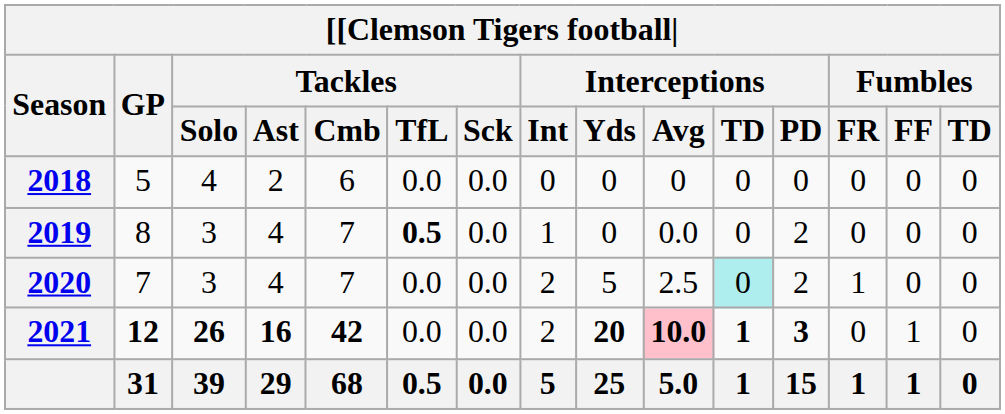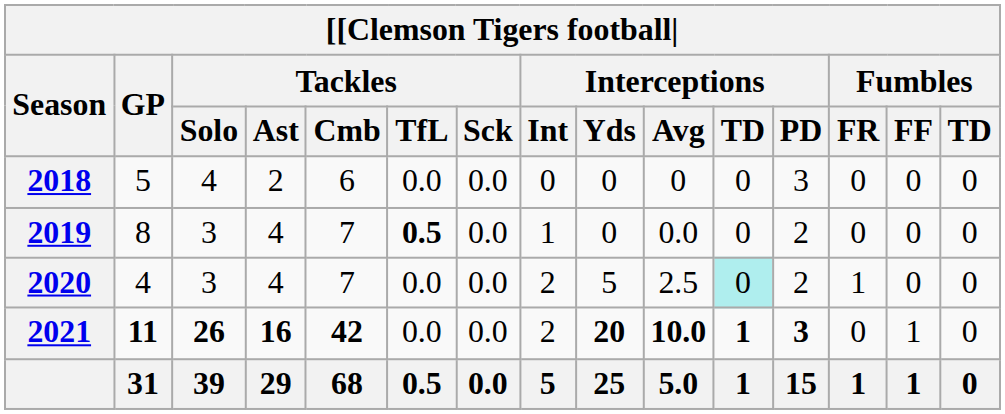 <table class="wikitable" style="text-align:center;">
 <tr>
 <th colspan="15">[[Clemson Tigers football|</th>
 </tr>
 <tr>
 <th rowspan="2">Season</th>
 <th rowspan="2">GP</th>
 <th colspan="5">Tackles</th>
 <th colspan="5">Interceptions</th>
 <th colspan="3">Fumbles</th>
 </tr>
 <tr>
 <th>Solo</th>
 <th>Ast</th>
 <th>Cmb</th>
 <th>TfL</th>
 <th>Sck</th>
 <th>Int</th>
 <th>Yds</th>
 <th>Avg</th>
 <th>TD</th>
 <th>PD</th>
 <th>FR</th>
 <th>FF</th>
 <th>TD</th>
 </tr>
 <tr>
 <th><a href='#'>2018</a></th>
 <td>5</td>
 <td>4</td>
 <td>2</td>
 <td>6</td>
 <td>0.0</td>
 <td>0.0</td>
 <td>0</td>
 <td>0</td>
 <td>0</td>
 <td>0</td>
-<td>0</td>
+<td>3</td>
 <td>0</td>
 <td>0</td>
 <td>0</td>
 </tr>
 <tr>
 <th><a href='#'>2019</a></th>
 <td>8</td>
 <td>3</td>
 <td>4</td>
 <td>7</td>
 <td><strong>0.5</strong></td>
 <td>0.0</td>
 <td>1</td>
 <td>0</td>
 <td>0.0</td>
 <td>0</td>
 <td>2</td>
 <td>0</td>
 <td>0</td>
 <td>0</td>
 </tr>
 <tr>
 <th><a href='#'>2020</a></th>
-<td>7</td>
+<td>4</td>
 <td>3</td>
 <td>4</td>
 <td>7</td>
 <td>0.0</td>
 <td>0.0</td>
 <td>2</td>
 <td>5</td>
 <td>2.5</td>
 <td style="background: paleturquoise;">0</td>
 <td>2</td>
 <td>1</td>
 <td>0</td>
 <td>0</td>
 </tr>
 <tr>
 <th><a href='#'>2021</a></th>
-<td><strong>12</strong></td>
+<td><strong>11</strong></td>
 <td><strong>26</strong></td>
 <td><strong>16</strong></td>
 <td><strong>42</strong></td>
 <td>0.0</td>
 <td>0.0</td>
 <td>2</td>
 <td><strong>20</strong></td>
-<td style="background: pink;"><strong>10.0</strong></td>
+<td><strong>10.0</strong></td>
 <td><strong>1</strong></td>
 <td><strong>3</strong></td>
 <td>0</td>
 <td>1</td>
 <td>0</td>
 </tr>
 <tr>
 <th></th>
 <th>31</th>
 <th>39</th>
 <th>29</th>
 <th>68</th>
 <th>0.5</th>
 <th>0.0</th>
 <th>5</th>
 <th>25</th>
 <th>5.0</th>
 <th>1</th>
 <th>15</th>
 <th>1</th>
 <th>1</th>
 <th>0</th>
 </tr>
 </table>
